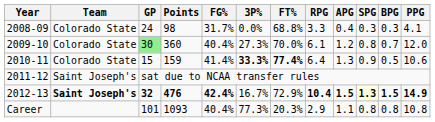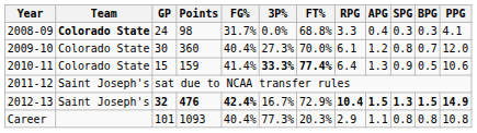 <table class="wikitable">
 <tr>
 <th>Year</th>
 <th>Team</th>
 <th>GP</th>
 <th>Points</th>
 <th>FG%</th>
 <th>3P%</th>
 <th>FT%</th>
 <th>RPG</th>
 <th>APG</th>
 <th>SPG</th>
 <th>BPG</th>
 <th>PPG</th>
 </tr>
 <tr>
 <td>2008-09</td>
-<td>Colorado State</td>
+<td><strong>Colorado State</strong></td>
 <td>24</td>
 <td>98</td>
 <td>31.7%</td>
 <td>0.0%</td>
 <td>68.8%</td>
 <td>3.3</td>
 <td>0.4</td>
 <td>0.3</td>
 <td>0.3</td>
 <td>4.1</td>
 </tr>
 <tr>
 <td>2009-10</td>
 <td>Colorado State</td>
-<td style="background: lightgreen;">30</td>
+<td>30</td>
 <td>360</td>
 <td>40.4%</td>
 <td>27.3%</td>
 <td>70.0%</td>
 <td>6.1</td>
 <td>1.2</td>
 <td>0.8</td>
 <td>0.7</td>
 <td>12.0</td>
 </tr>
 <tr>
 <td>2010-11</td>
 <td>Colorado State</td>
 <td>15</td>
 <td>159</td>
 <td>41.4%</td>
 <td><strong>33.3%</strong></td>
 <td><strong>77.4%</strong></td>
 <td>6.4</td>
 <td>1.3</td>
 <td>0.9</td>
 <td>0.5</td>
 <td>10.6</td>
 </tr>
 <tr>
 <td>2011-12</td>
 <td>Saint Joseph's</td>
 <td colspan="10">sat due to NCAA transfer rules</td>
 </tr>
 <tr>
 <td>2012-13</td>
-<td><strong>Saint Joseph's</strong></td>
+<td>Saint Joseph's</td>
 <td><strong>32</strong></td>
 <td><strong>476</strong></td>
 <td><strong>42.4%</strong></td>
 <td>16.7%</td>
 <td>72.9%</td>
 <td><strong>10.4</strong></td>
 <td><strong>1.5</strong></td>
-<td style="background: lightyellow;"><strong>1.3</strong></td>
+<td><strong>1.3</strong></td>
 <td><strong>1.5</strong></td>
 <td><strong>14.9</strong></td>
 </tr>
 <tr>
 <td>Career</td>
 <td></td>
 <td>101</td>
 <td>1093</td>
 <td>40.4%</td>
 <td>77.3%</td>
 <td>20.3%</td>
 <td>2.9</td>
 <td>1.1</td>
 <td>0.8</td>
 <td>0.8</td>
 <td>10.8</td>
 </tr>
 </table>
